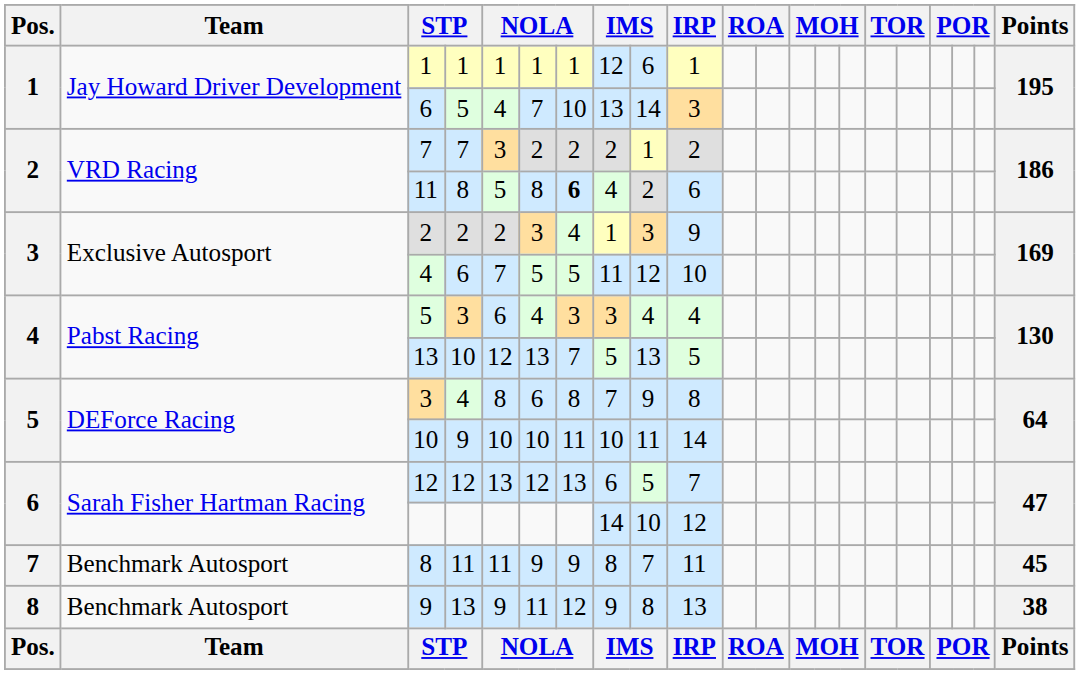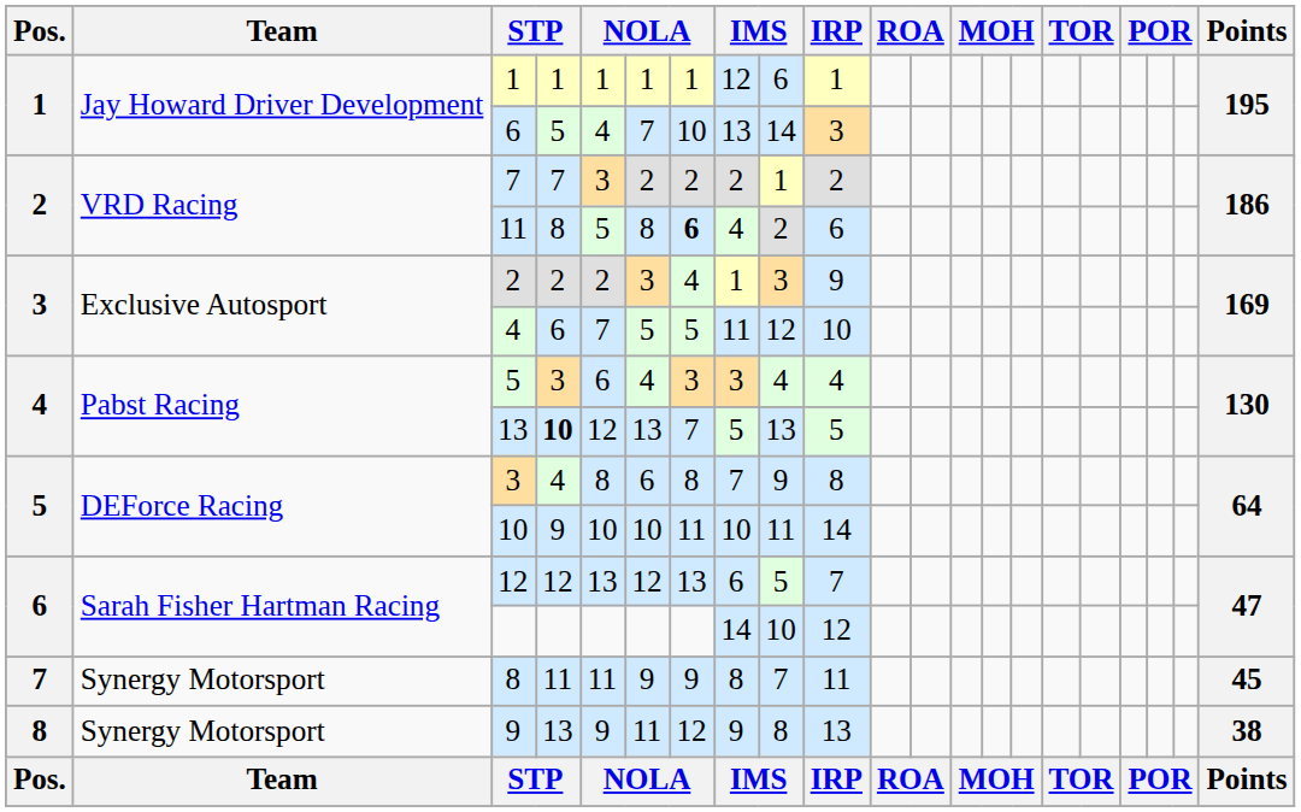 <table class="wikitable" style="font-size:85%; text-align:center">
 <tr>
 <th>Pos.</th>
 <th>Team</th>
 <th colspan="2"><a href='#'>STP</a></th>
 <th colspan="3"><a href='#'>NOLA</a></th>
 <th colspan="2"><a href='#'>IMS</a></th>
 <th><a href='#'>IRP</a></th>
 <th colspan="2"><a href='#'>ROA</a></th>
 <th colspan="3"><a href='#'>MOH</a></th>
 <th colspan="2"><a href='#'>TOR</a></th>
 <th colspan="3"><a href='#'>POR</a></th>
 <th>Points</th>
 </tr>
 <tr>
 <th rowspan="2">1</th>
 <td rowspan="2" align="left"><a href='#'>Jay Howard Driver Development</a></td>
 <td style="background:#FFFFBF;">1</td>
 <td style="background:#FFFFBF;">1</td>
 <td style="background:#FFFFBF;">1</td>
 <td style="background:#FFFFBF;">1</td>
 <td style="background:#FFFFBF;">1</td>
 <td style="background:#CFEAFF;">12</td>
 <td style="background:#CFEAFF;">6</td>
 <td style="background:#FFFFBF;">1</td>
 <td></td>
 <td></td>
 <td></td>
 <td></td>
 <td></td>
 <td></td>
 <td></td>
 <td></td>
 <td></td>
 <td></td>
 <th rowspan="2">195</th>
 </tr>
 <tr>
 <td style="background:#CFEAFF;">6</td>
 <td style="background:#DFFFDF;">5</td>
 <td style="background:#DFFFDF;">4</td>
 <td style="background:#CFEAFF;">7</td>
 <td style="background:#CFEAFF;">10</td>
 <td style="background:#CFEAFF;">13</td>
 <td style="background:#CFEAFF;">14</td>
 <td style="background:#FFDF9F;">3</td>
 <td></td>
 <td></td>
 <td></td>
 <td></td>
 <td></td>
 <td></td>
 <td></td>
 <td></td>
 <td></td>
 <td></td>
 </tr>
 <tr>
 <th rowspan="2">2</th>
 <td rowspan="2" align="left"><a href='#'>VRD Racing</a></td>
 <td style="background:#CFEAFF;">7</td>
 <td style="background:#CFEAFF;">7</td>
 <td style="background:#FFDF9F;">3</td>
 <td style="background:#DFDFDF;">2</td>
 <td style="background:#DFDFDF;">2</td>
 <td style="background:#DFDFDF;">2</td>
 <td style="background:#FFFFBF;">1</td>
 <td style="background:#DFDFDF;">2</td>
 <td></td>
 <td></td>
 <td></td>
 <td></td>
 <td></td>
 <td></td>
 <td></td>
 <td></td>
 <td></td>
 <td></td>
 <th rowspan="2">186</th>
 </tr>
 <tr>
 <td style="background:#CFEAFF;">11</td>
 <td style="background:#CFEAFF;">8</td>
 <td style="background:#DFFFDF;">5</td>
 <td style="background:#CFEAFF;">8</td>
 <td style="background:#CFEAFF;"><strong>6</strong></td>
 <td style="background:#DFFFDF;">4</td>
 <td style="background:#DFDFDF;">2</td>
 <td style="background:#CFEAFF;">6</td>
 <td></td>
 <td></td>
 <td></td>
 <td></td>
 <td></td>
 <td></td>
 <td></td>
 <td></td>
 <td></td>
 <td></td>
 </tr>
 <tr>
 <th rowspan="2">3</th>
 <td rowspan="2" align="left">Exclusive Autosport</td>
 <td style="background:#DFDFDF;">2</td>
 <td style="background:#DFDFDF;">2</td>
 <td style="background:#DFDFDF;">2</td>
 <td style="background:#FFDF9F;">3</td>
 <td style="background:#DFFFDF;">4</td>
 <td style="background:#FFFFBF;">1</td>
 <td style="background:#FFDF9F;">3</td>
 <td style="background:#CFEAFF;">9</td>
 <td></td>
 <td></td>
 <td></td>
 <td></td>
 <td></td>
 <td></td>
 <td></td>
 <td></td>
 <td></td>
 <td></td>
 <th rowspan="2">169</th>
 </tr>
 <tr>
 <td style="background:#DFFFDF;">4</td>
 <td style="background:#CFEAFF;">6</td>
 <td style="background:#CFEAFF;">7</td>
 <td style="background:#DFFFDF;">5</td>
 <td style="background:#DFFFDF;">5</td>
 <td style="background:#CFEAFF;">11</td>
 <td style="background:#CFEAFF;">12</td>
 <td style="background:#CFEAFF;">10</td>
 <td></td>
 <td></td>
 <td></td>
 <td></td>
 <td></td>
 <td></td>
 <td></td>
 <td></td>
 <td></td>
 <td></td>
 </tr>
 <tr>
 <th rowspan="2">4</th>
 <td rowspan="2" align="left"><a href='#'>Pabst Racing</a></td>
 <td style="background:#DFFFDF;">5</td>
 <td style="background:#FFDF9F;">3</td>
 <td style="background:#CFEAFF;">6</td>
 <td style="background:#DFFFDF;">4</td>
 <td style="background:#FFDF9F;">3</td>
 <td style="background:#FFDF9F;">3</td>
 <td style="background:#DFFFDF;">4</td>
 <td style="background:#DFFFDF;">4</td>
 <td></td>
 <td></td>
 <td></td>
 <td></td>
 <td></td>
 <td></td>
 <td></td>
 <td></td>
 <td></td>
 <td></td>
 <th rowspan="2">130</th>
 </tr>
 <tr>
 <td style="background:#CFEAFF;">13</td>
-<td style="background:#CFEAFF;">10</td>
+<td style="background:#CFEAFF;"><strong>10</strong></td>
 <td style="background:#CFEAFF;">12</td>
 <td style="background:#CFEAFF;">13</td>
 <td style="background:#CFEAFF;">7</td>
 <td style="background:#DFFFDF;">5</td>
 <td style="background:#CFEAFF;">13</td>
 <td style="background:#DFFFDF;">5</td>
 <td></td>
 <td></td>
 <td></td>
 <td></td>
 <td></td>
 <td></td>
 <td></td>
 <td></td>
 <td></td>
 <td></td>
 </tr>
 <tr>
 <th rowspan="2">5</th>
 <td rowspan="2" align="left"><a href='#'>DEForce Racing</a></td>
 <td style="background:#FFDF9F;">3</td>
 <td style="background:#DFFFDF;">4</td>
 <td style="background:#CFEAFF;">8</td>
 <td style="background:#CFEAFF;">6</td>
 <td style="background:#CFEAFF;">8</td>
 <td style="background:#CFEAFF;">7</td>
 <td style="background:#CFEAFF;">9</td>
 <td style="background:#CFEAFF;">8</td>
 <td></td>
 <td></td>
 <td></td>
 <td></td>
 <td></td>
 <td></td>
 <td></td>
 <td></td>
 <td></td>
 <td></td>
 <th rowspan="2">64</th>
 </tr>
 <tr>
 <td style="background:#CFEAFF;">10</td>
 <td style="background:#CFEAFF;">9</td>
 <td style="background:#CFEAFF;">10</td>
 <td style="background:#CFEAFF;">10</td>
 <td style="background:#CFEAFF;">11</td>
 <td style="background:#CFEAFF;">10</td>
 <td style="background:#CFEAFF;">11</td>
 <td style="background:#CFEAFF;">14</td>
 <td></td>
 <td></td>
 <td></td>
 <td></td>
 <td></td>
 <td></td>
 <td></td>
 <td></td>
 <td></td>
 <td></td>
 </tr>
 <tr>
 <th rowspan="2">6</th>
 <td rowspan="2" align="left"><a href='#'>Sarah Fisher Hartman Racing</a></td>
 <td style="background:#CFEAFF;">12</td>
 <td style="background:#CFEAFF;">12</td>
 <td style="background:#CFEAFF;">13</td>
 <td style="background:#CFEAFF;">12</td>
 <td style="background:#CFEAFF;">13</td>
 <td style="background:#CFEAFF;">6</td>
 <td style="background:#DFFFDF;">5</td>
 <td style="background:#CFEAFF;">7</td>
 <td></td>
 <td></td>
 <td></td>
 <td></td>
 <td></td>
 <td></td>
 <td></td>
 <td></td>
 <td></td>
 <td></td>
 <th rowspan="2">47</th>
 </tr>
 <tr>
 <td></td>
 <td></td>
 <td></td>
 <td></td>
 <td></td>
 <td style="background:#CFEAFF;">14</td>
 <td style="background:#CFEAFF;">10</td>
 <td style="background:#CFEAFF;">12</td>
 <td></td>
 <td></td>
 <td></td>
 <td></td>
 <td></td>
 <td></td>
 <td></td>
 <td></td>
 <td></td>
 <td></td>
 </tr>
 <tr>
 <th>7</th>
-<td align="left">Benchmark Autosport</td>
+<td align="left">Synergy Motorsport</td>
 <td style="background:#CFEAFF;">8</td>
 <td style="background:#CFEAFF;">11</td>
 <td style="background:#CFEAFF;">11</td>
 <td style="background:#CFEAFF;">9</td>
 <td style="background:#CFEAFF;">9</td>
 <td style="background:#CFEAFF;">8</td>
 <td style="background:#CFEAFF;">7</td>
 <td style="background:#CFEAFF;">11</td>
 <td></td>
 <td></td>
 <td></td>
 <td></td>
 <td></td>
 <td></td>
 <td></td>
 <td></td>
 <td></td>
 <td></td>
 <th>45</th>
 </tr>
 <tr>
 <th>8</th>
-<td align="left">Benchmark Autosport</td>
+<td align="left">Synergy Motorsport</td>
 <td style="background:#CFEAFF;">9</td>
 <td style="background:#CFEAFF;">13</td>
 <td style="background:#CFEAFF;">9</td>
 <td style="background:#CFEAFF;">11</td>
 <td style="background:#CFEAFF;">12</td>
 <td style="background:#CFEAFF;">9</td>
 <td style="background:#CFEAFF;">8</td>
 <td style="background:#CFEAFF;">13</td>
 <td></td>
 <td></td>
 <td></td>
 <td></td>
 <td></td>
 <td></td>
 <td></td>
 <td></td>
 <td></td>
 <td></td>
 <th>38</th>
 </tr>
 <tr>
 <th>Pos.</th>
 <th>Team</th>
 <th colspan="2"><a href='#'>STP</a></th>
 <th colspan="3"><a href='#'>NOLA</a></th>
 <th colspan="2"><a href='#'>IMS</a></th>
 <th><a href='#'>IRP</a></th>
 <th colspan="2"><a href='#'>ROA</a></th>
 <th colspan="3"><a href='#'>MOH</a></th>
 <th colspan="2"><a href='#'>TOR</a></th>
 <th colspan="3"><a href='#'>POR</a></th>
 <th>Points</th>
 </tr>
 </table>
